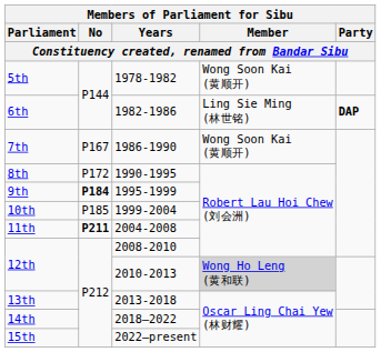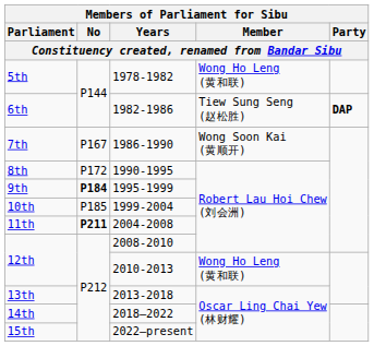 <table class=wikitable>
 <tr>
 <th colspan="5">Members of Parliament for Sibu</th>
 </tr>
 <tr>
 <th>Parliament</th>
 <th>No</th>
 <th>Years</th>
 <th>Member</th>
 <th>Party</th>
 </tr>
 <tr>
 <th colspan="5" align="center"><em>Constituency created, renamed from <a href='#'>Bandar Sibu</a></em></th>
 </tr>
 <tr>
 <td><a href='#'>5th</a></td>
 <td rowspan="2">P144</td>
 <td>1978-1982</td>
-<td>Wong Soon Kai <br> (黄顺开)</td>
+<td><a href='#'>Wong Ho Leng</a>  <br>(黄和联)</td>
 <td></td>
 </tr>
 <tr>
 <td><a href='#'>6th</a></td>
 <td>1982-1986</td>
-<td>Ling Sie Ming  <br>(林世铭)</td>
+<td>Tiew Sung Seng <br> (赵松胜)</td>
 <td><strong>DAP</strong></td>
 </tr>
 <tr>
 <td><a href='#'>7th</a></td>
 <td>P167</td>
 <td>1986-1990</td>
 <td>Wong Soon Kai <br> (黄顺开)</td>
 <td rowspan="6"></td>
 </tr>
 <tr>
 <td><a href='#'>8th</a></td>
 <td>P172</td>
 <td>1990-1995</td>
 <td rowspan=5><a href='#'>Robert Lau Hoi Chew</a> <br> (刘会洲)</td>
 </tr>
 <tr>
 <td><a href='#'>9th</a></td>
 <td><strong>P184</strong></td>
 <td>1995-1999</td>
 </tr>
 <tr>
 <td><a href='#'>10th</a></td>
 <td>P185</td>
 <td>1999-2004</td>
 </tr>
 <tr>
 <td><a href='#'>11th</a></td>
 <td><strong>P211</strong></td>
 <td>2004-2008</td>
 </tr>
 <tr>
 <td rowspan=2><a href='#'>12th</a></td>
 <td rowspan="6">P212</td>
 <td>2008-2010</td>
 </tr>
 <tr>
 <td>2010-2013</td>
-<td style="background: lightgrey;"><a href='#'>Wong Ho Leng</a>  <br>(黄和联)</td>
+<td><a href='#'>Wong Ho Leng</a>  <br>(黄和联)</td>
 <td rowspan="2"></td>
 </tr>
 <tr>
 <td><a href='#'>13th</a></td>
 <td>2013-2018</td>
 <td rowspan="3"><a href='#'>Oscar Ling Chai Yew</a> <br> (林财耀)</td>
 </tr>
 <tr>
 <td><a href='#'>14th</a></td>
 <td>2018–2022</td>
 <td rowspan="2"></td>
 </tr>
 <tr>
 <td><a href='#'>15th</a></td>
 <td>2022–present</td>
 </tr>
 </table>
